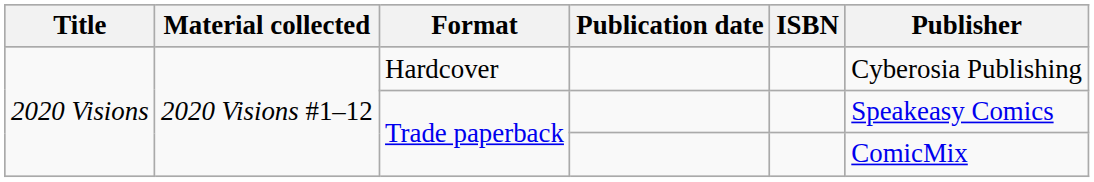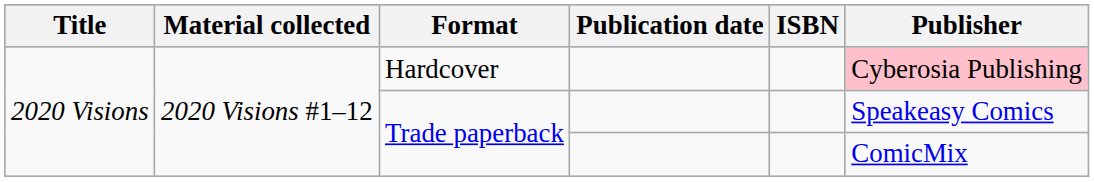 <table class="wikitable">
 <tr>
 <th>Title</th>
 <th>Material collected</th>
 <th>Format</th>
 <th>Publication date</th>
 <th>ISBN</th>
 <th>Publisher</th>
 </tr>
 <tr>
 <td rowspan="3"><em>2020 Visions</em></td>
 <td rowspan="3"><em>2020 Visions</em> #1–12</td>
 <td>Hardcover</td>
 <td></td>
 <td></td>
-<td>Cyberosia Publishing</td>
+<td style="background: pink;">Cyberosia Publishing</td>
 </tr>
 <tr>
 <td rowspan="2"><a href='#'>Trade paperback</a></td>
 <td></td>
 <td></td>
 <td><a href='#'>Speakeasy Comics</a></td>
 </tr>
 <tr>
 <td></td>
 <td></td>
 <td><a href='#'>ComicMix</a></td>
 </tr>
 </table>
